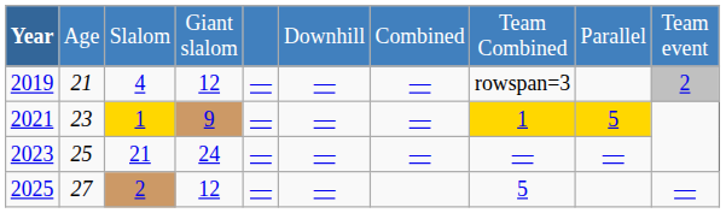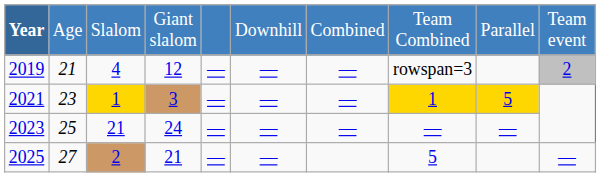 <table class="wikitable" style="font-size:95%; text-align:center; border:grey solid 1px; border-collapse:collapse;" width="40%">
 <tr style="background-color:#369; color:white;">
 <td rowspan="2" colspan="1" width="4%"><strong>Year</strong></td>
 </tr>
 <tr style="background-color:#4180be; color:white;">
 <td width="3%">Age</td>
 <td width="5%">Slalom</td>
 <td width="5%">Giant<br>slalom</td>
 <td width="5%"></td>
 <td width="5%">Downhill</td>
 <td width="5%">Combined</td>
 <td width="5%">Team<br>Combined</td>
 <td width="5%">Parallel</td>
 <td width="5%">Team<br> event </td>
 </tr>
 <tr style="background-color:#8CB2D8; color:white;">
 </tr>
 <tr>
 <td><a href='#'>2019</a></td>
 <td><em>21</em></td>
 <td><a href='#'>4</a></td>
 <td><a href='#'>12</a></td>
 <td><a href='#'>—</a></td>
 <td><a href='#'>—</a></td>
 <td><a href='#'>—</a></td>
 <td>rowspan=3</td>
 <td></td>
 <td style="background:silver;"><a href='#'>2</a></td>
 </tr>
 <tr>
 <td><a href='#'>2021</a></td>
 <td><em>23</em></td>
 <td style="background:gold;"><a href='#'>1</a></td>
-<td style="background:#c96;"><a href='#'>9</a></td>
+<td style="background:#c96;"><a href='#'>3</a></td>
 <td><a href='#'>—</a></td>
 <td><a href='#'>—</a></td>
 <td style="background:cc9966;"><a href='#'>—</a></td>
 <td style="background:gold;"><a href='#'>1</a></td>
 <td style="background: gold;"><a href='#'>5</a></td>
 </tr>
 <tr>
 <td><a href='#'>2023</a></td>
 <td><em>25</em></td>
 <td><a href='#'>21</a></td>
 <td><a href='#'>24</a></td>
 <td><a href='#'>—</a></td>
 <td><a href='#'>—</a></td>
 <td><a href='#'>—</a></td>
 <td><a href='#'>—</a></td>
 <td><a href='#'>—</a></td>
 </tr>
 <tr>
 <td><a href='#'>2025</a></td>
 <td><em>27</em></td>
 <td style="background:#c96;"><a href='#'>2</a></td>
-<td><a href='#'>12</a></td>
+<td><a href='#'>21</a></td>
 <td><a href='#'>—</a></td>
 <td><a href='#'>—</a></td>
 <td></td>
 <td><a href='#'>5</a></td>
 <td></td>
 <td><a href='#'>—</a></td>
 </tr>
 </table>
